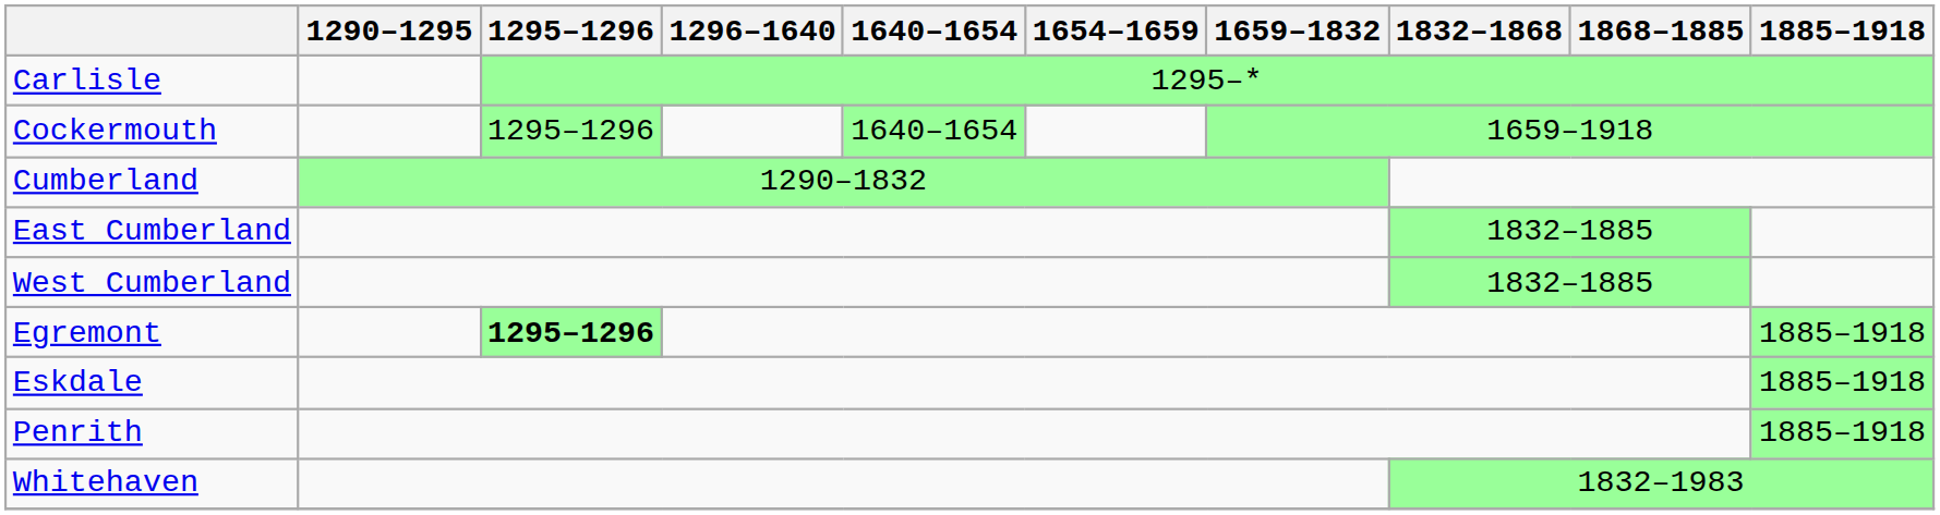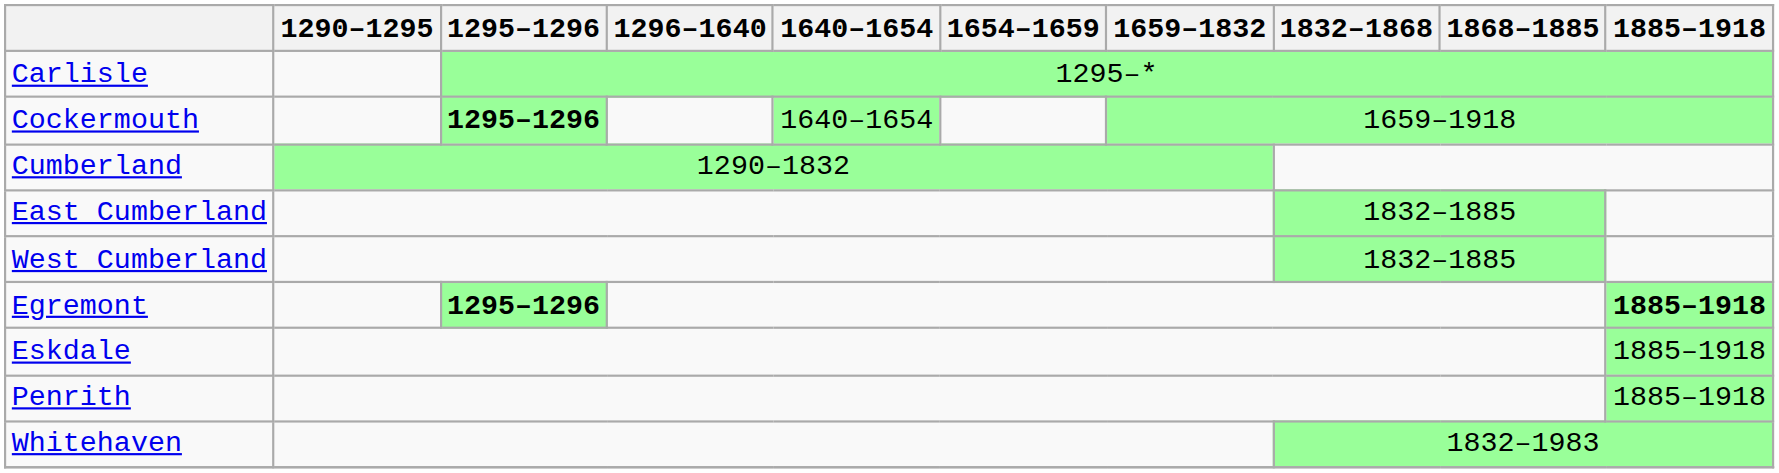 <table class="wikitable">
 <tr>
 <th> </th>
 <th>1290–1295</th>
 <th>1295–1296</th>
 <th>1296–1640</th>
 <th>1640–1654</th>
 <th>1654–1659</th>
 <th>1659–1832</th>
 <th>1832–1868</th>
 <th>1868–1885</th>
 <th>1885–1918</th>
 </tr>
 <tr>
 <td><a href='#'>Carlisle</a></td>
 <td colspan="1"> </td>
 <td colspan="8" align="center" bgcolor="#99FF99">1295–*</td>
 </tr>
 <tr>
 <td><a href='#'>Cockermouth</a></td>
 <td colspan="1"> </td>
-<td colspan="1" align="center" bgcolor="#99FF99">1295–1296</td>
+<td colspan="1" align="center" bgcolor="#99FF99"><strong>1295–1296</strong></td>
 <td colspan="1"> </td>
 <td colspan="1" align="center" bgcolor="#99FF99">1640–1654</td>
 <td colspan="1"> </td>
 <td colspan="4" align="center" bgcolor="#99FF99">1659–1918</td>
 </tr>
 <tr>
 <td><a href='#'>Cumberland</a></td>
 <td colspan="6" align="center" bgcolor="#99FF99">1290–1832</td>
 <td colspan="3"> </td>
 </tr>
 <tr>
 <td><a href='#'>East Cumberland</a></td>
 <td colspan="6"> </td>
 <td colspan="2" align="center" bgcolor="#99FF99">1832–1885</td>
 <td colspan="1"> </td>
 </tr>
 <tr>
 <td><a href='#'>West Cumberland</a></td>
 <td colspan="6"> </td>
 <td colspan="2" align="center" bgcolor="#99FF99">1832–1885</td>
 <td colspan="1"> </td>
 </tr>
 <tr>
 <td><a href='#'>Egremont</a></td>
 <td colspan="1"> </td>
 <td colspan="1" align="center" bgcolor="#99FF99"><strong>1295–1296</strong></td>
 <td colspan="6"> </td>
-<td colspan="1" align="center" bgcolor="#99FF99">1885–1918</td>
+<td colspan="1" align="center" bgcolor="#99FF99"><strong>1885–1918</strong></td>
 </tr>
 <tr>
 <td><a href='#'>Eskdale</a></td>
 <td colspan="8"> </td>
 <td colspan="1" align="center" bgcolor="#99FF99">1885–1918</td>
 </tr>
 <tr>
 <td><a href='#'>Penrith</a></td>
 <td colspan="8"> </td>
 <td colspan="1" align="center" bgcolor="#99FF99">1885–1918</td>
 </tr>
 <tr>
 <td><a href='#'>Whitehaven</a></td>
 <td colspan="6"> </td>
 <td colspan="3" align="center" bgcolor="#99FF99">1832–1983</td>
 </tr>
 <tr>
 </tr>
 </table>
